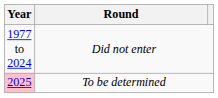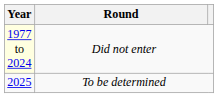 <table class="wikitable" style="text-align: center; font-size:90%">
 <tr>
 <th>Year</th>
 <th style="width:200px">Round</th>
 <th></th>
 </tr>
 <tr>
-<td><a href='#'>1977</a><br>to<br><a href='#'>2024</a></td>
+<td style="background: lightyellow;"><a href='#'>1977</a><br>to<br><a href='#'>2024</a></td>
 <td colspan="2"><em>Did not enter</em></td>
 </tr>
 <tr>
-<td style="background: pink;"><a href='#'>2025</a></td>
+<td><a href='#'>2025</a></td>
 <td colspan="2"><em>To be determined</em></td>
 </tr>
 </table>
